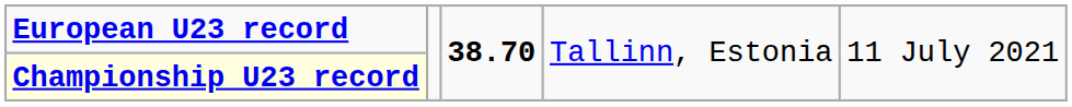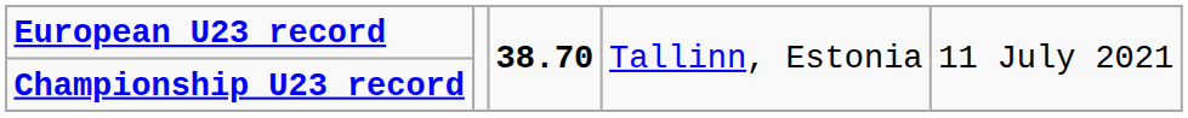 <table class="wikitable">
 <tr>
 <td><strong><a href='#'>European U23 record</a></strong></td>
 <td rowspan=2></td>
 <td rowspan=2><strong>38.70</strong></td>
 <td rowspan=2><a href='#'>Tallinn</a>, Estonia</td>
 <td rowspan=2>11 July 2021</td>
 </tr>
 <tr>
-<td style="background: lightyellow;"><strong><a href='#'>Championship U23 record</a></strong></td>
+<td><strong><a href='#'>Championship U23 record</a></strong></td>
 </tr>
 </table>
